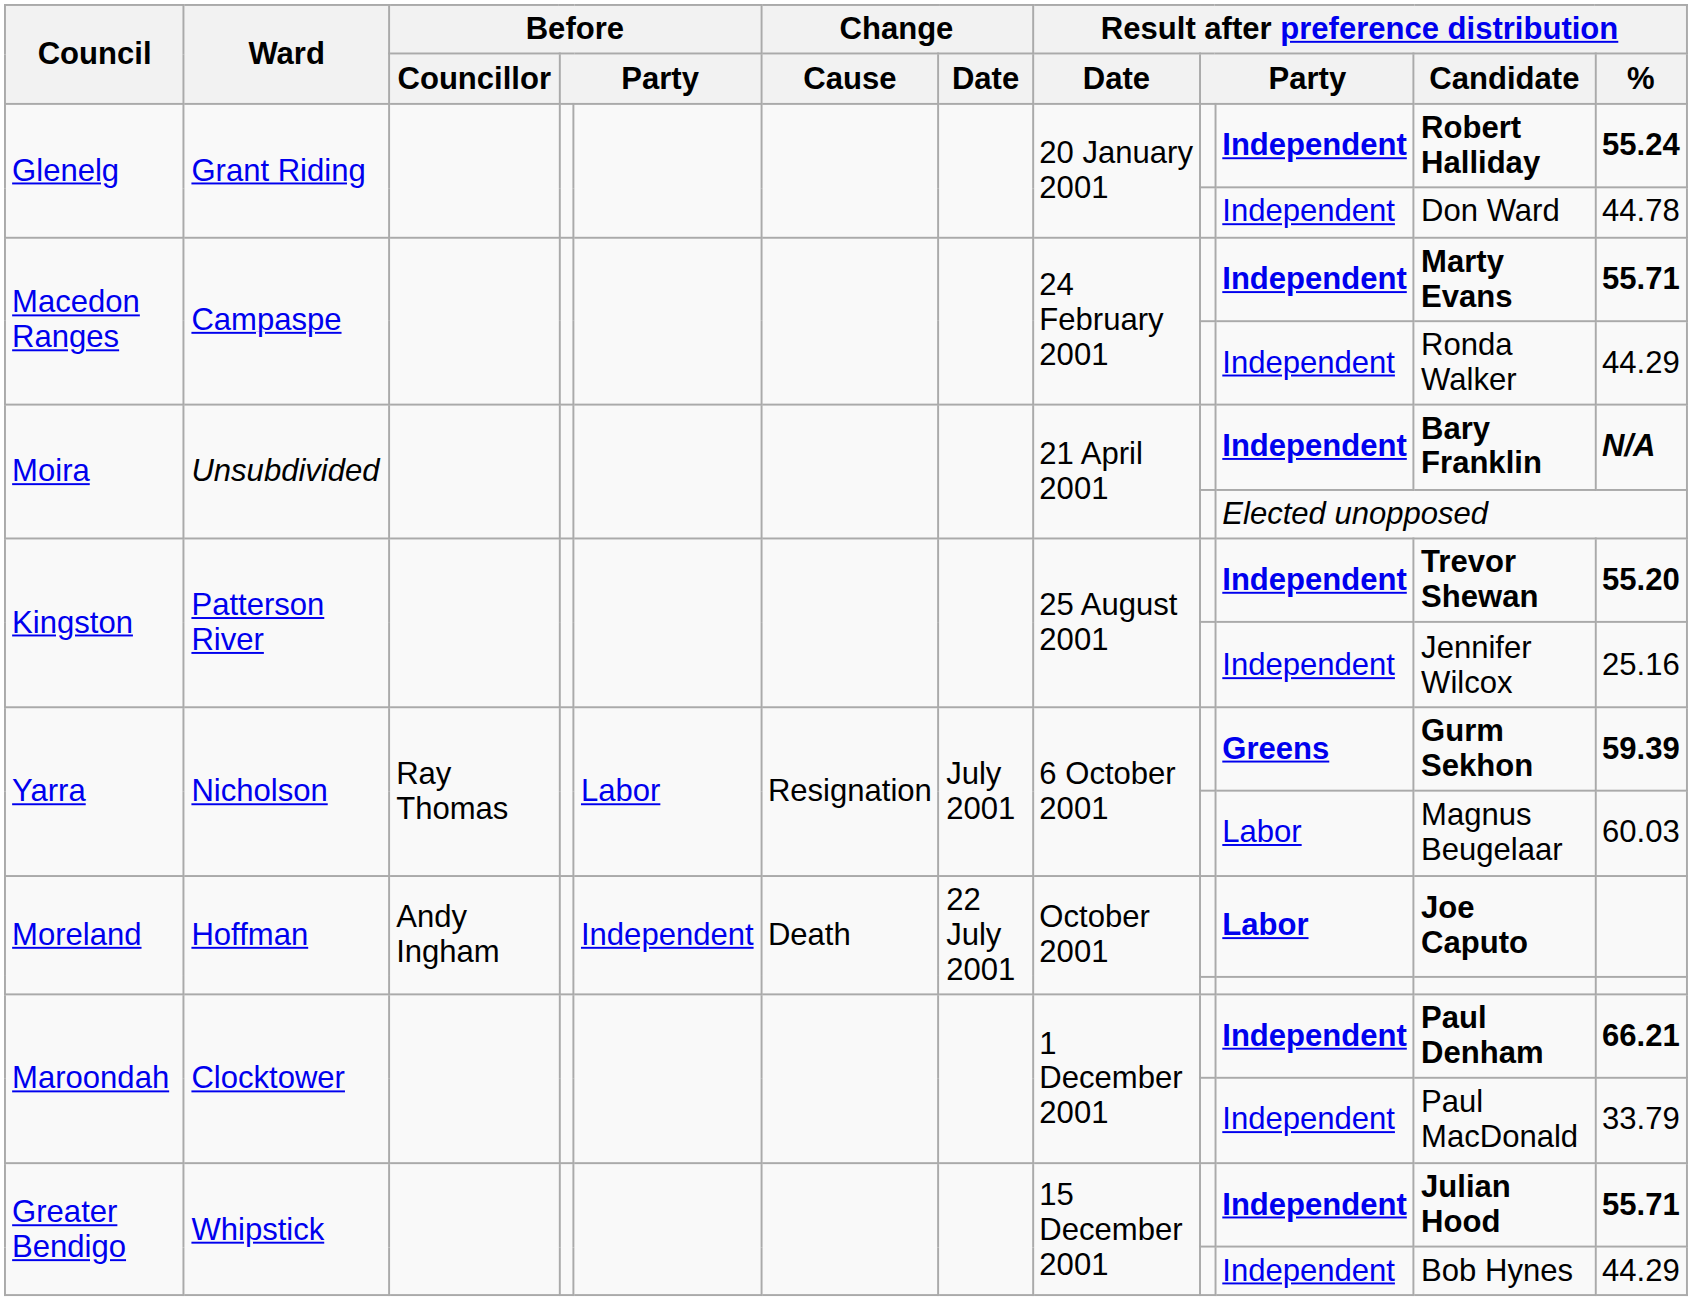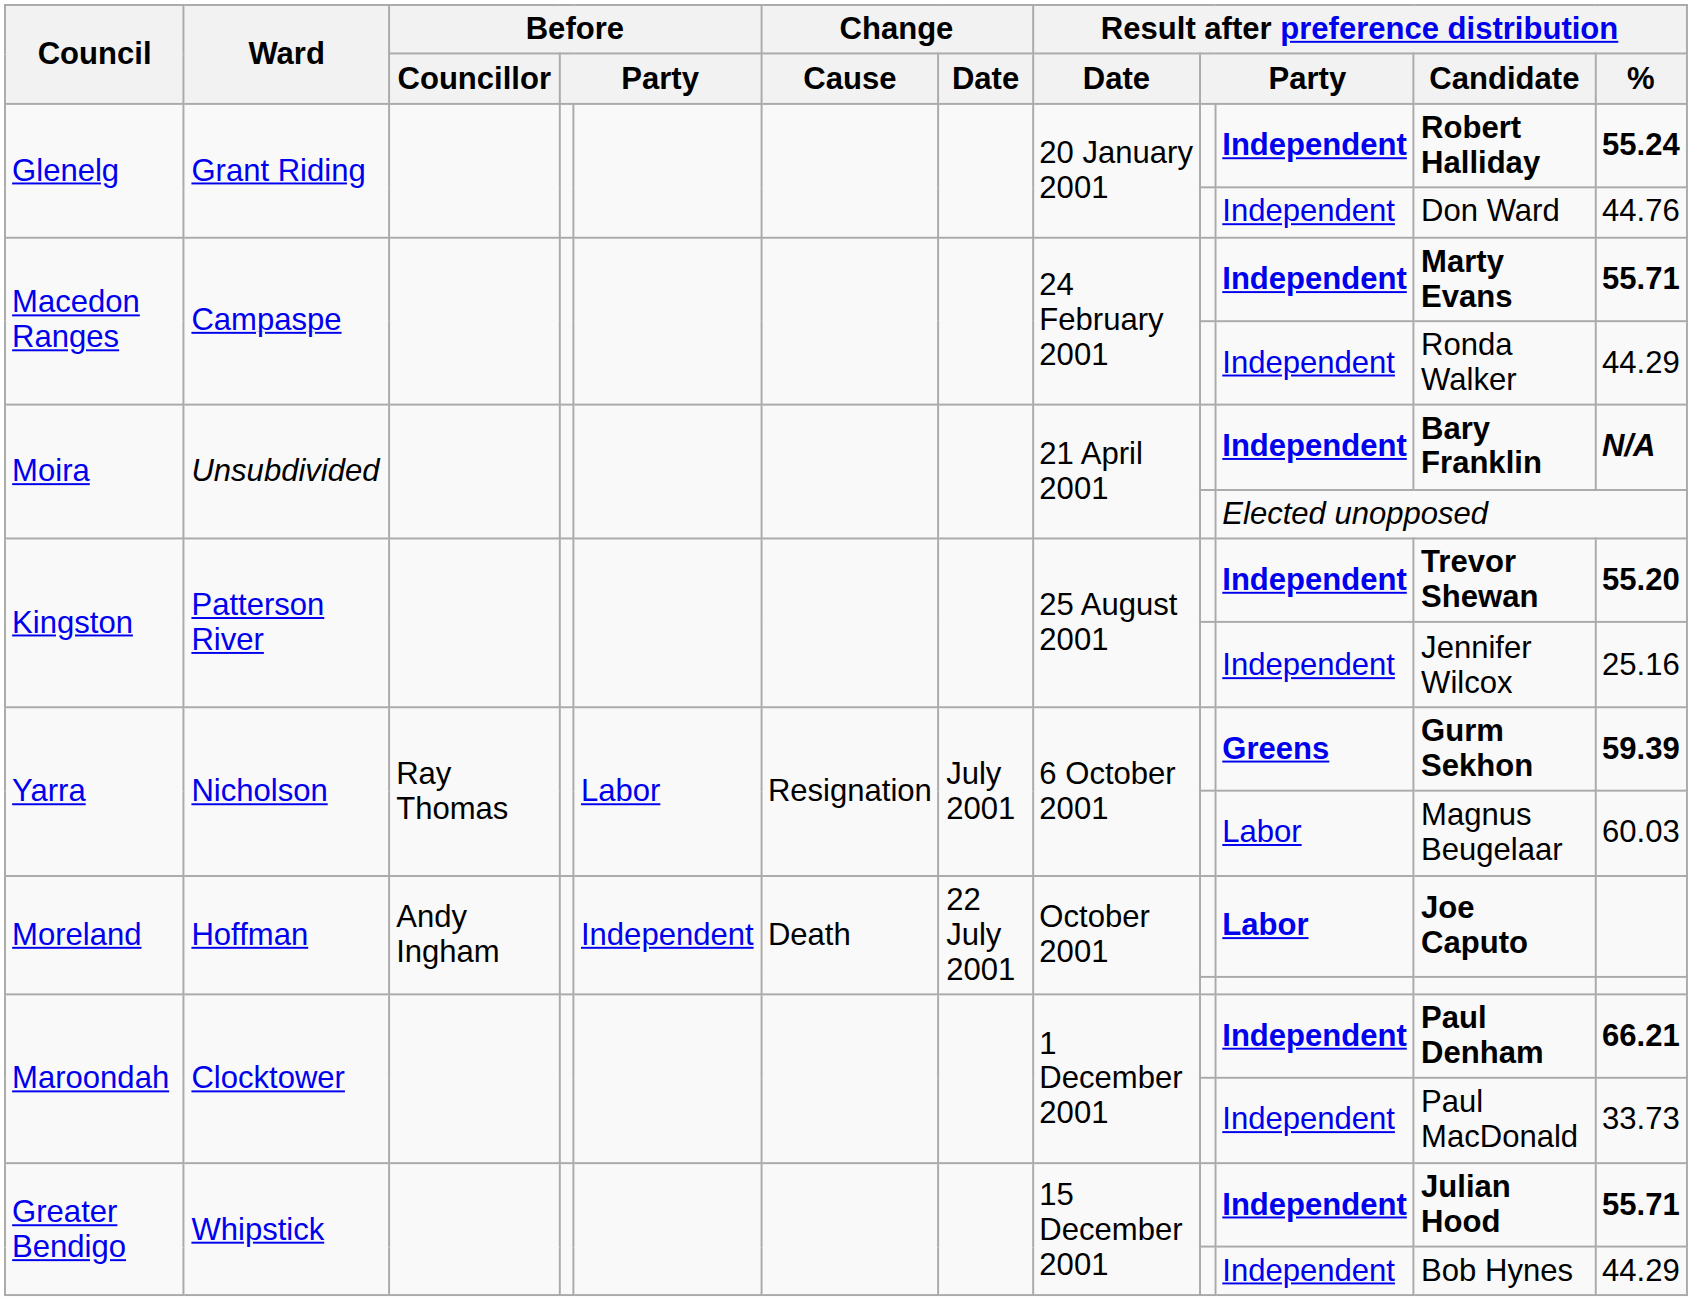 <table class="wikitable sortable" style="border: none;">
 <tr>
 <th rowspan="2">Council</th>
 <th rowspan="2">Ward</th>
 <th colspan="3">Before</th>
 <th colspan="2">Change</th>
 <th colspan="7">Result after <a href='#'>preference distribution</a></th>
 </tr>
 <tr>
 <th>Councillor</th>
 <th colspan="2">Party</th>
 <th>Cause</th>
 <th>Date</th>
 <th>Date</th>
 <th colspan="2">Party</th>
 <th>Candidate</th>
 <th>%</th>
 </tr>
 <tr>
 <td rowspan="2"><a href='#'>Glenelg</a></td>
 <td rowspan="2"><a href='#'>Grant Riding</a></td>
 <td rowspan="2"></td>
 <td rowspan="2" ></td>
 <td rowspan="2"></td>
 <td rowspan="2"></td>
 <td rowspan="2"></td>
 <td rowspan="2">20 January 2001</td>
 <td></td>
 <td><strong><a href='#'>Independent</a></strong></td>
 <td><strong>Robert Halliday</strong></td>
 <td><strong>55.24</strong></td>
 </tr>
 <tr>
 <td></td>
 <td><a href='#'>Independent</a></td>
 <td>Don Ward</td>
-<td>44.78</td>
+<td>44.76</td>
 </tr>
 <tr>
 <td rowspan="2"><a href='#'>Macedon Ranges</a></td>
 <td rowspan="2"><a href='#'>Campaspe</a></td>
 <td rowspan="2"></td>
 <td rowspan="2" ></td>
 <td rowspan="2"></td>
 <td rowspan="2"></td>
 <td rowspan="2"></td>
 <td rowspan="2">24 February 2001</td>
 <td></td>
 <td><strong><a href='#'>Independent</a></strong></td>
 <td><strong>Marty Evans</strong></td>
 <td><strong>55.71</strong></td>
 </tr>
 <tr>
 <td></td>
 <td><a href='#'>Independent</a></td>
 <td>Ronda Walker</td>
 <td>44.29</td>
 </tr>
 <tr>
 <td rowspan="2"><a href='#'>Moira</a></td>
 <td rowspan="2"><em>Unsubdivided</em></td>
 <td rowspan="2"></td>
 <td rowspan="2" ></td>
 <td rowspan="2"></td>
 <td rowspan="2"></td>
 <td rowspan="2"></td>
 <td rowspan="2">21 April 2001</td>
 <td></td>
 <td><strong><a href='#'>Independent</a></strong></td>
 <td><strong>Bary Franklin</strong></td>
 <td><strong><em>N/A</em></strong></td>
 </tr>
 <tr>
 <td></td>
 <td colspan="3"><em>Elected unopposed</em></td>
 </tr>
 <tr>
 <td rowspan="2"><a href='#'>Kingston</a></td>
 <td rowspan="2"><a href='#'>Patterson River</a></td>
 <td rowspan="2"></td>
 <td rowspan="2" ></td>
 <td rowspan="2"></td>
 <td rowspan="2"></td>
 <td rowspan="2"></td>
 <td rowspan="2">25 August 2001</td>
 <td></td>
 <td><strong><a href='#'>Independent</a></strong></td>
 <td><strong>Trevor Shewan</strong></td>
 <td><strong>55.20</strong></td>
 </tr>
 <tr>
 <td></td>
 <td><a href='#'>Independent</a></td>
 <td>Jennifer Wilcox</td>
 <td>25.16</td>
 </tr>
 <tr>
 <td rowspan="2"><a href='#'>Yarra</a></td>
 <td rowspan="2"><a href='#'>Nicholson</a></td>
 <td rowspan="2">Ray Thomas</td>
 <td rowspan="2" ></td>
 <td rowspan="2"><a href='#'>Labor</a></td>
 <td rowspan="2">Resignation</td>
 <td rowspan="2">July 2001</td>
 <td rowspan="2">6 October 2001</td>
 <td></td>
 <td><strong><a href='#'>Greens</a></strong></td>
 <td><strong>Gurm Sekhon</strong></td>
 <td><strong>59.39</strong></td>
 </tr>
 <tr>
 <td></td>
 <td><a href='#'>Labor</a></td>
 <td>Magnus Beugelaar</td>
 <td>60.03</td>
 </tr>
 <tr>
 <td rowspan="2"><a href='#'>Moreland</a></td>
 <td rowspan="2"><a href='#'>Hoffman</a></td>
 <td rowspan="2">Andy Ingham</td>
 <td rowspan="2" ></td>
 <td rowspan="2"><a href='#'>Independent</a></td>
 <td rowspan="2">Death</td>
 <td rowspan="2">22 July 2001</td>
 <td rowspan="2">October 2001</td>
 <td></td>
 <td><strong><a href='#'>Labor</a></strong></td>
 <td><strong>Joe Caputo</strong></td>
 <td></td>
 </tr>
 <tr>
 <td></td>
 <td></td>
 <td></td>
 <td></td>
 </tr>
 <tr>
 <td rowspan="2"><a href='#'>Maroondah</a></td>
 <td rowspan="2"><a href='#'>Clocktower</a></td>
 <td rowspan="2"></td>
 <td rowspan="2" ></td>
 <td rowspan="2"></td>
 <td rowspan="2"></td>
 <td rowspan="2"></td>
 <td rowspan="2">1 December 2001</td>
 <td></td>
 <td><strong><a href='#'>Independent</a></strong></td>
 <td><strong>Paul Denham</strong></td>
 <td><strong>66.21</strong></td>
 </tr>
 <tr>
 <td></td>
 <td><a href='#'>Independent</a></td>
 <td>Paul MacDonald</td>
-<td>33.79</td>
+<td>33.73</td>
 </tr>
 <tr>
 <td rowspan="2"><a href='#'>Greater Bendigo</a></td>
 <td rowspan="2"><a href='#'>Whipstick</a></td>
 <td rowspan="2"></td>
 <td rowspan="2" ></td>
 <td rowspan="2"></td>
 <td rowspan="2"></td>
 <td rowspan="2"></td>
 <td rowspan="2">15 December 2001</td>
 <td></td>
 <td><strong><a href='#'>Independent</a></strong></td>
 <td><strong>Julian Hood</strong></td>
 <td><strong>55.71</strong></td>
 </tr>
 <tr>
 <td></td>
 <td><a href='#'>Independent</a></td>
 <td>Bob Hynes</td>
 <td>44.29</td>
 </tr>
 </table>
